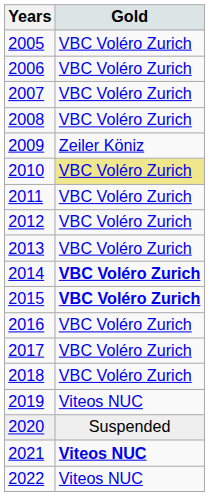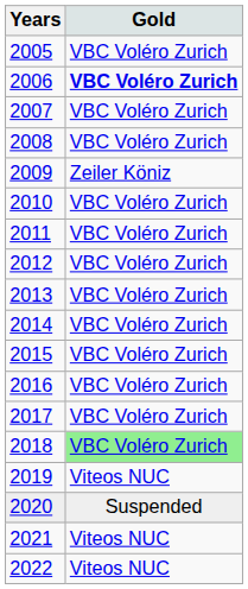 <table class="wikitable" style="display:inline-table;">
 <tr>
 <th>Years</th>
 <th scope="col" style="background-color: #DCE5E5;"> Gold</th>
 </tr>
 <tr>
 <td><a href='#'>2005</a></td>
 <td><a href='#'>VBC Voléro Zurich</a></td>
 </tr>
 <tr>
 <td><a href='#'>2006</a></td>
-<td><a href='#'>VBC Voléro Zurich</a></td>
+<td><strong><a href='#'>VBC Voléro Zurich</a></strong></td>
 </tr>
 <tr>
 <td><a href='#'>2007</a></td>
 <td><a href='#'>VBC Voléro Zurich</a></td>
 </tr>
 <tr>
 <td><a href='#'>2008</a></td>
 <td><a href='#'>VBC Voléro Zurich</a></td>
 </tr>
 <tr>
 <td><a href='#'>2009</a></td>
 <td><a href='#'>Zeiler Köniz</a></td>
 </tr>
 <tr>
 <td><a href='#'>2010</a></td>
-<td style="background: khaki;"><a href='#'>VBC Voléro Zurich</a></td>
+<td><a href='#'>VBC Voléro Zurich</a></td>
 </tr>
 <tr>
 <td><a href='#'>2011</a></td>
 <td><a href='#'>VBC Voléro Zurich</a></td>
 </tr>
 <tr>
 <td><a href='#'>2012</a></td>
 <td><a href='#'>VBC Voléro Zurich</a></td>
 </tr>
 <tr>
 <td><a href='#'>2013</a></td>
 <td><a href='#'>VBC Voléro Zurich</a></td>
 </tr>
 <tr>
 <td><a href='#'>2014</a></td>
-<td><strong><a href='#'>VBC Voléro Zurich</a></strong></td>
+<td><a href='#'>VBC Voléro Zurich</a></td>
 </tr>
 <tr>
 <td><a href='#'>2015</a></td>
-<td><strong><a href='#'>VBC Voléro Zurich</a></strong></td>
+<td><a href='#'>VBC Voléro Zurich</a></td>
 </tr>
 <tr>
 <td><a href='#'>2016</a></td>
 <td><a href='#'>VBC Voléro Zurich</a></td>
 </tr>
 <tr>
 <td><a href='#'>2017</a></td>
 <td><a href='#'>VBC Voléro Zurich</a></td>
 </tr>
 <tr>
 <td><a href='#'>2018</a></td>
-<td><a href='#'>VBC Voléro Zurich</a></td>
+<td style="background: lightgreen;"><a href='#'>VBC Voléro Zurich</a></td>
 </tr>
 <tr>
 <td><a href='#'>2019</a></td>
 <td><a href='#'>Viteos NUC</a></td>
 </tr>
 <tr bgcolor="efefef">
 <td><a href='#'>2020</a></td>
 <td colspan="3" align="center">Suspended </td>
 </tr>
 <tr>
 <td><a href='#'>2021</a></td>
-<td><strong><a href='#'>Viteos NUC</a></strong></td>
+<td><a href='#'>Viteos NUC</a></td>
 </tr>
 <tr>
 <td><a href='#'>2022</a></td>
 <td><a href='#'>Viteos NUC</a></td>
 </tr>
 </table>
